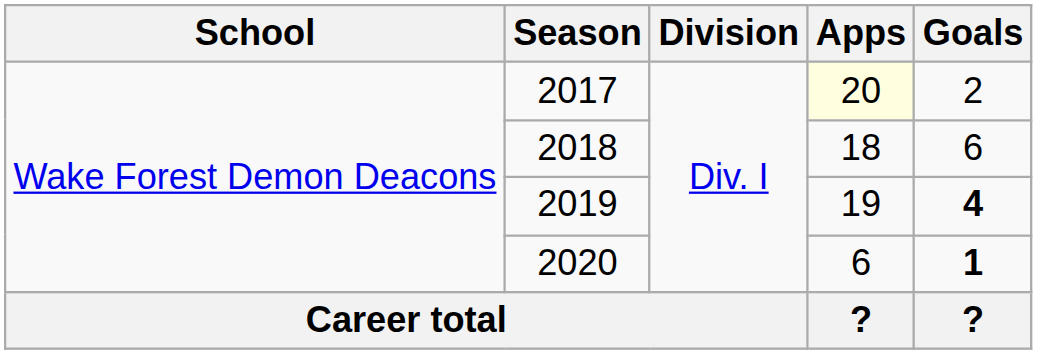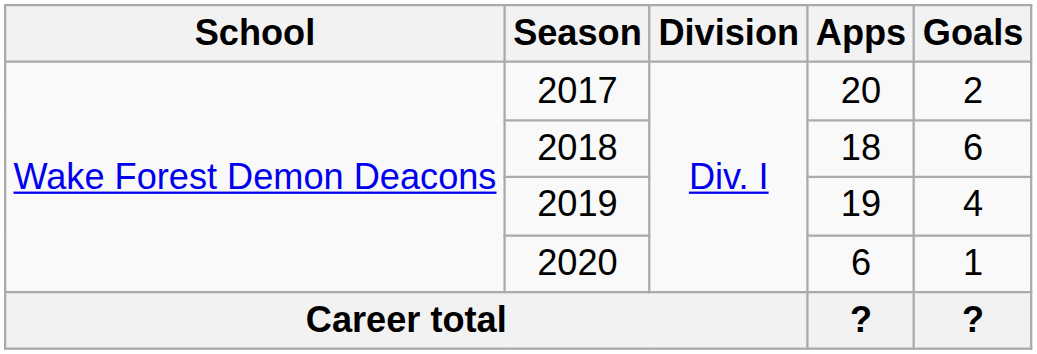 <table class="wikitable" style="text-align: center;">
 <tr>
 <th>School</th>
 <th>Season</th>
 <th>Division</th>
 <th>Apps</th>
 <th>Goals</th>
 </tr>
 <tr>
 <td rowspan="4"><a href='#'>Wake Forest Demon Deacons</a></td>
 <td>2017</td>
 <td rowspan="4"><a href='#'>Div. I</a></td>
-<td style="background: lightyellow;">20</td>
+<td>20</td>
 <td>2</td>
 </tr>
 <tr>
 <td>2018</td>
 <td>18</td>
 <td>6</td>
 </tr>
 <tr>
 <td>2019</td>
 <td>19</td>
-<td><strong>4</strong></td>
+<td>4</td>
 </tr>
 <tr>
 <td>2020</td>
 <td>6</td>
-<td><strong>1</strong></td>
+<td>1</td>
 </tr>
 <tr>
 <th colspan="3">Career total</th>
 <th>?</th>
 <th>?</th>
 </tr>
 </table>
